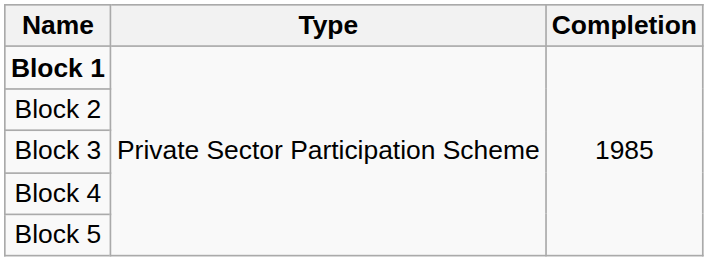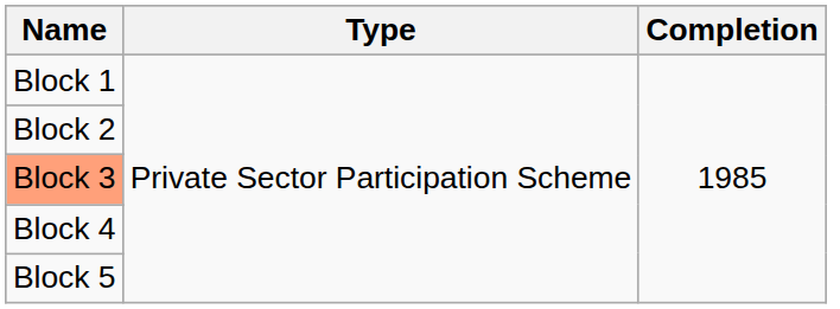 <table class="wikitable" style="text-align: center">
 <tr>
 <th>Name</th>
 <th>Type</th>
 <th>Completion</th>
 </tr>
 <tr>
-<td><strong>Block 1</strong></td>
+<td>Block 1</td>
 <td rowspan="5">Private Sector Participation Scheme</td>
 <td rowspan="5">1985</td>
 </tr>
 <tr>
 <td>Block 2</td>
 </tr>
 <tr>
-<td>Block 3</td>
+<td style="background: lightsalmon;">Block 3</td>
 </tr>
 <tr>
 <td>Block 4</td>
 </tr>
 <tr>
 <td>Block 5</td>
 </tr>
 </table>
